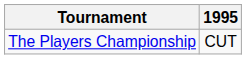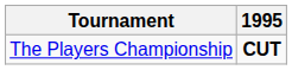 <table class="wikitable" style="font-size:95%;text-align:center;">
 <tr>
 <th>Tournament</th>
 <th>1995</th>
 </tr>
 <tr>
 <td align=left><a href='#'>The Players Championship</a></td>
-<td>CUT</td>
+<td><strong>CUT</strong></td>
 </tr>
 </table>
